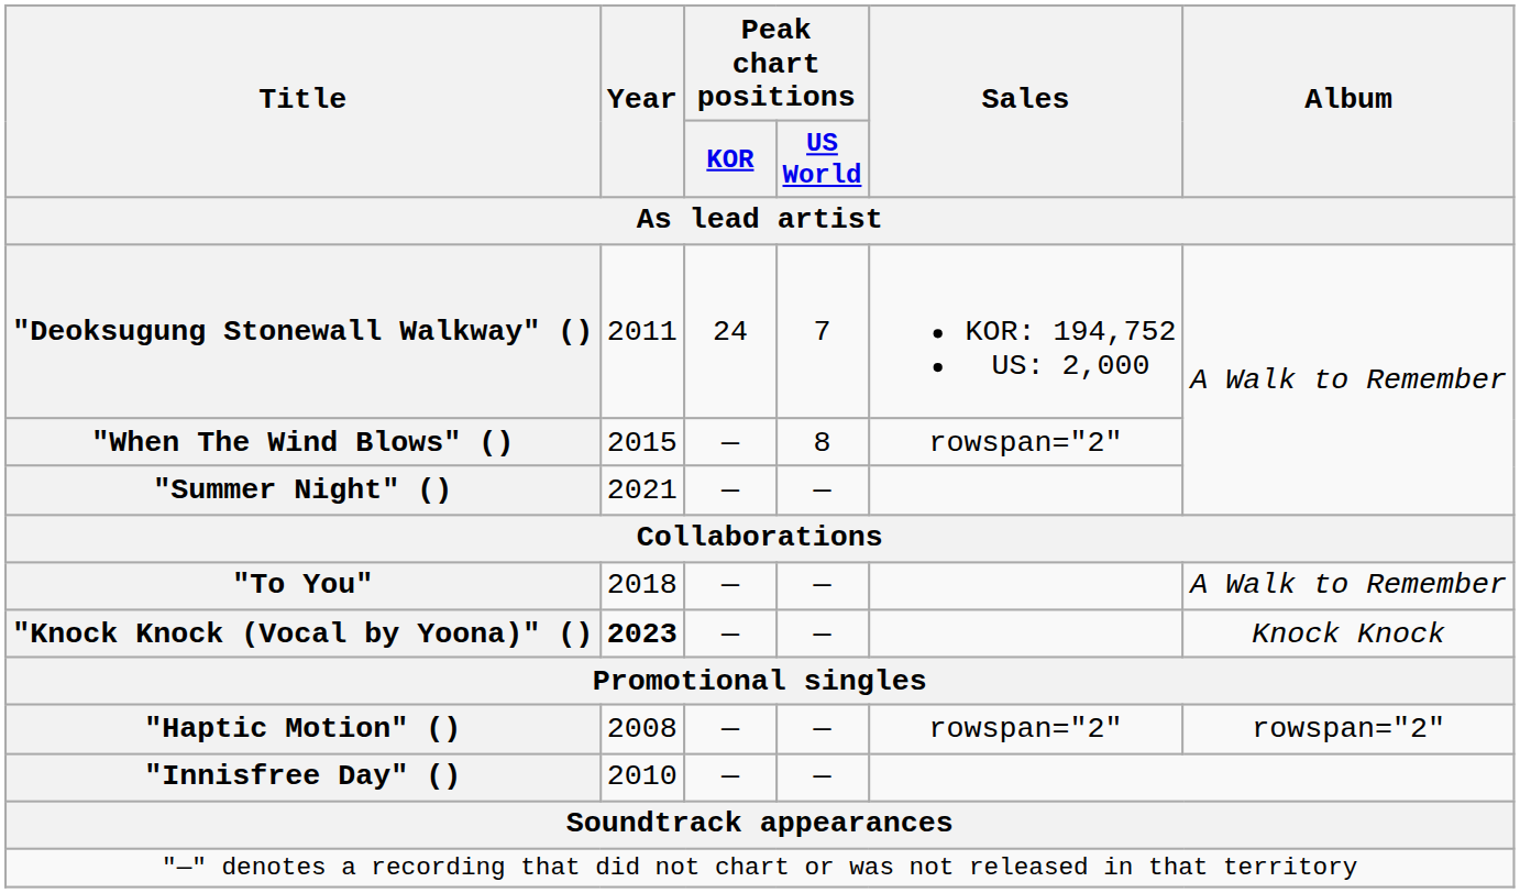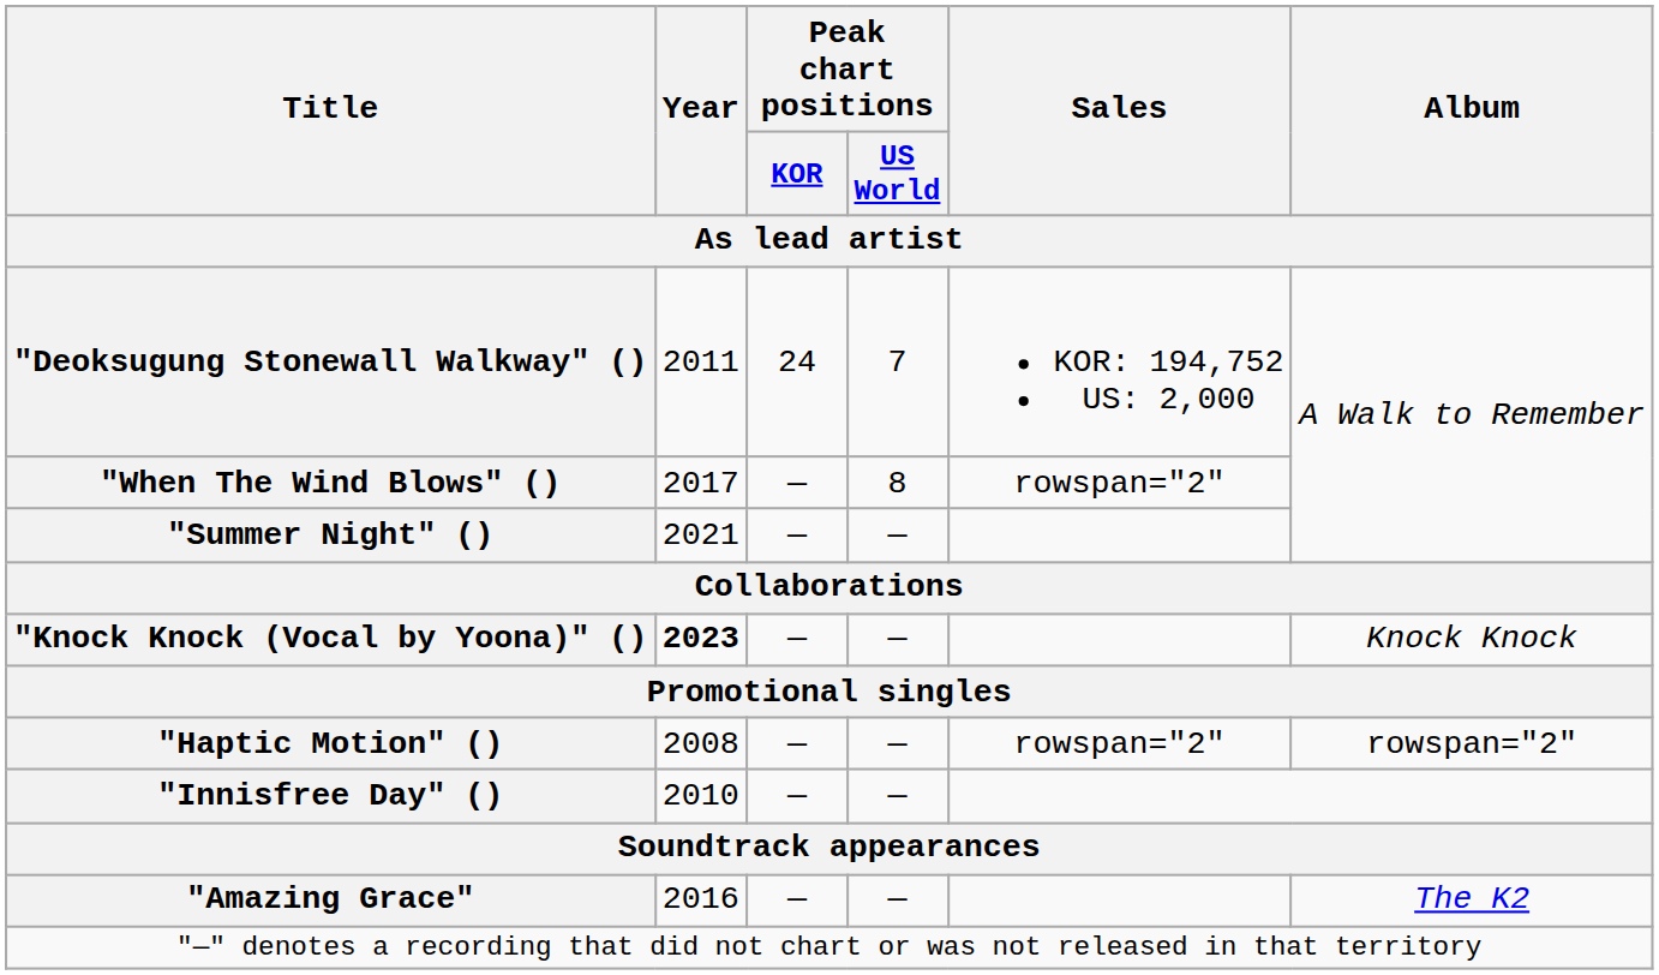 <table class="wikitable plainrowheaders" style="text-align:center">
 <tr>
 <th scope="col" rowspan="2">Title</th>
 <th scope="col" rowspan="2">Year</th>
 <th scope="col" colspan="2">Peak chart<br>positions</th>
 <th scope="col" rowspan="2">Sales<br></th>
 <th scope="col" rowspan="2">Album</th>
 </tr>
 <tr>
 <th scope="col" style="font-size:90%; width:3em"><a href='#'>KOR</a><br></th>
 <th scope="col" style="font-size:90%; width:3em"><a href='#'>US<br>World</a><br></th>
 </tr>
 <tr>
 <th scope="col" colspan="6">As lead artist</th>
 </tr>
 <tr>
 <th scope="row">"Deoksugung Stonewall Walkway" ()<br></th>
 <td>2011</td>
 <td>24</td>
 <td>7</td>
 <td><br><ul><li>KOR: 194,752</li><li>US: 2,000</li></ul></td>
 <td rowspan="3"><em>A Walk to Remember</em></td>
 </tr>
 <tr>
 <th scope="row">"When The Wind Blows" ()</th>
-<td>2015</td>
+<td>2017</td>
 <td>—</td>
 <td>8</td>
 <td>rowspan="2" </td>
 </tr>
 <tr>
 <th scope="row">"Summer Night" ()<br></th>
 <td>2021</td>
 <td>—</td>
 <td>—</td>
 </tr>
 <tr>
 <th scope="col" colspan="6">Collaborations</th>
-</tr>
-<tr>
-<th scope="row">"To You"<br></th>
-<td>2018</td>
-<td>—</td>
-<td>—</td>
-<td></td>
-<td><em>A Walk to Remember</em></td>
 </tr>
 <tr>
 <th scope="row">"Knock Knock (Vocal by Yoona)" ()<br></th>
 <td><strong>2023</strong></td>
 <td>—</td>
 <td>—</td>
 <td></td>
 <td><em>Knock Knock</em></td>
 </tr>
 <tr>
 <th scope="col" colspan="6">Promotional singles</th>
 </tr>
 <tr>
 <th scope="row">"Haptic Motion" ()<br></th>
 <td>2008</td>
 <td>—</td>
 <td>—</td>
 <td>rowspan="2" </td>
 <td>rowspan="2" </td>
 </tr>
 <tr>
 <th scope="row">"Innisfree Day" ()</th>
 <td>2010</td>
 <td>—</td>
 <td>—</td>
 </tr>
 <tr>
 <th scope="col" colspan="6">Soundtrack appearances</th>
 </tr>
 <tr>
+<th scope="row">"Amazing Grace"</th>
+<td>2016</td>
+<td>—</td>
+<td>—</td>
+<td></td>
+<td><em><a href='#'>The K2</a></em></td>
+</tr>
+<tr>
 <td colspan="6" style="font-size:85%">"—" denotes a recording that did not chart or was not released in that territory</td>
 </tr>
 </table>
